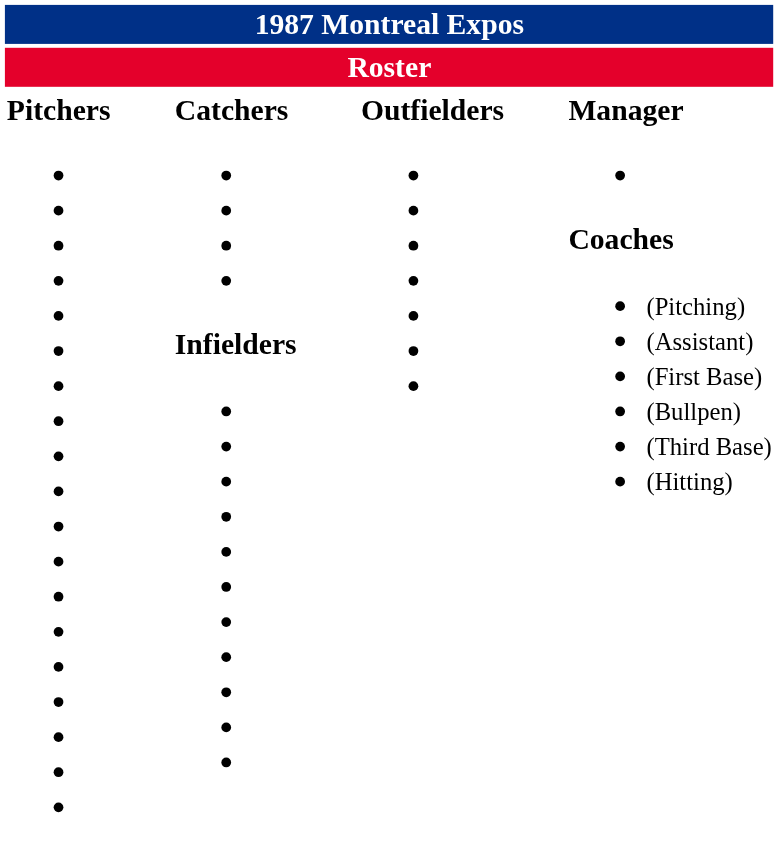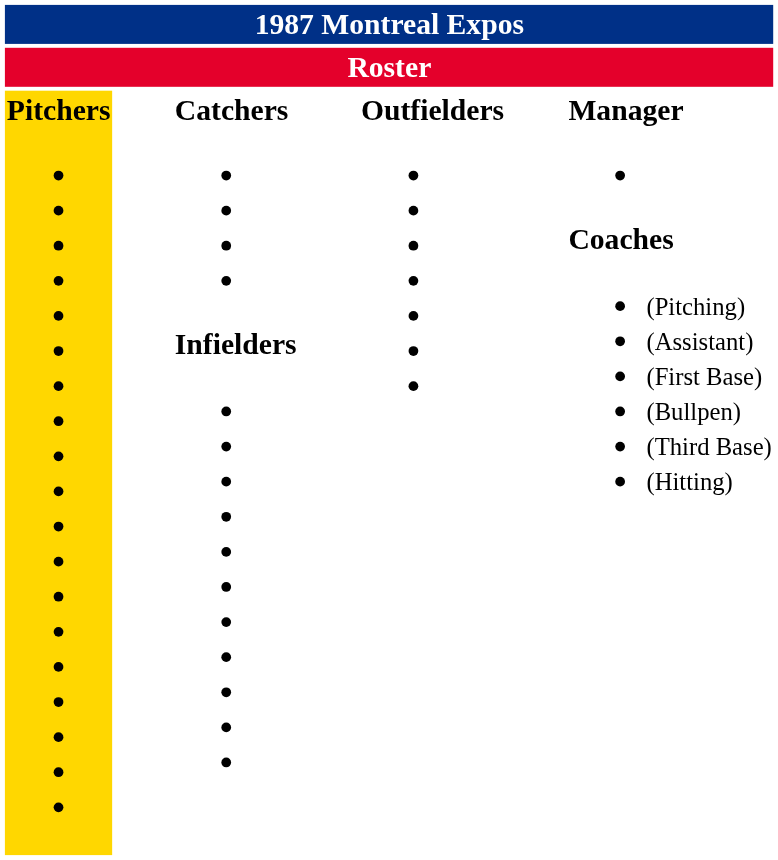 <table class="toccolours" style="font-size: 95%;">
 <tr>
 <th colspan="10" style="background-color: #003087; color: #FFFFFF; text-align: center;">1987 Montreal Expos</th>
 </tr>
 <tr>
 <td colspan="10" style="background-color: #E4002B; color: #FFFFFF; text-align: center;"><strong>Roster</strong></td>
 </tr>
 <tr>
-<td valign="top"><strong>Pitchers</strong><br><ul><li></li><li></li><li></li><li></li><li></li><li></li><li></li><li></li><li></li><li></li><li></li><li></li><li></li><li></li><li></li><li></li><li></li><li></li><li></li></ul></td>
+<td valign="top" style="background: gold;"><strong>Pitchers</strong><br><ul><li></li><li></li><li></li><li></li><li></li><li></li><li></li><li></li><li></li><li></li><li></li><li></li><li></li><li></li><li></li><li></li><li></li><li></li><li></li></ul></td>
 <td width="25px"></td>
 <td valign="top"><strong>Catchers</strong><br><ul><li></li><li></li><li></li><li></li></ul><strong>Infielders</strong><ul><li></li><li></li><li></li><li></li><li></li><li></li><li></li><li></li><li></li><li></li><li></li></ul></td>
 <td width="25px"></td>
 <td valign="top"><strong>Outfielders</strong><br><ul><li></li><li></li><li></li><li></li><li></li><li></li><li></li></ul></td>
 <td width="25px"></td>
 <td valign="top"><strong>Manager</strong><br><ul><li></li></ul><strong>Coaches</strong><ul><li> <small>(Pitching)</small></li><li> <small>(Assistant)</small></li><li> <small>(First Base)</small></li><li> <small>(Bullpen)</small></li><li> <small>(Third Base)</small></li><li> <small>(Hitting)</small></li></ul></td>
 </tr>
 <tr>
 </tr>
 </table>
